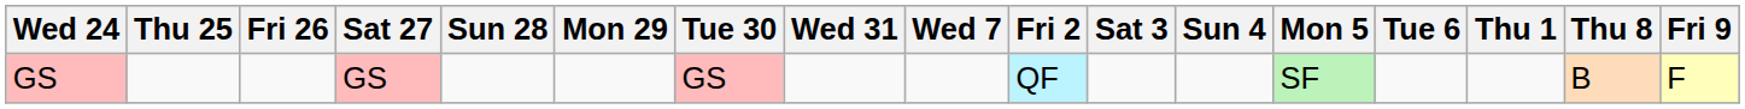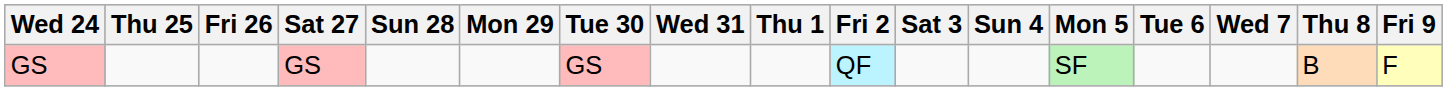 <table class="wikitable olympic-schedule football">
 <tr>
 <th>Wed 24</th>
 <th>Thu 25</th>
 <th>Fri 26</th>
 <th>Sat 27</th>
 <th>Sun 28</th>
 <th>Mon 29</th>
 <th>Tue 30</th>
 <th>Wed 31</th>
-<th>Wed 7</th>
+<th>Thu 1</th>
 <th>Fri 2</th>
 <th>Sat 3</th>
 <th>Sun 4</th>
 <th>Mon 5</th>
 <th>Tue 6</th>
-<th>Thu 1</th>
+<th>Wed 7</th>
 <th>Thu 8</th>
 <th>Fri 9</th>
 </tr>
 <tr>
 <td bgcolor="#FFBBBB">GS</td>
 <td></td>
 <td></td>
 <td bgcolor="#FFBBBB">GS</td>
 <td></td>
 <td></td>
 <td bgcolor="#FFBBBB">GS</td>
 <td></td>
 <td></td>
 <td bgcolor="#BBF3FF">QF</td>
 <td></td>
 <td></td>
 <td bgcolor="#BBF3BB">SF</td>
 <td></td>
 <td></td>
 <td bgcolor="#FEDCBA">B</td>
 <td bgcolor="#FFFFBB">F</td>
 </tr>
 </table>
